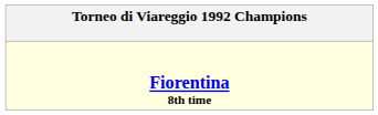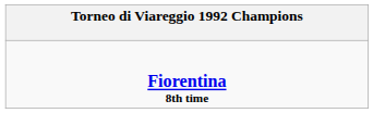 <table class="wikitable" style="margin: 0 auto; width: 30%;">
 <tr>
 <th><big>Torneo di Viareggio 1992 Champions</big><br><br></th>
 </tr>
 <tr>
-<td align=center style="background: lightyellow;"><br><br><big><big><strong><a href='#'>Fiorentina</a></strong><br></big></big><strong>8th time</strong></td>
+<td align=center><br><br><big><big><strong><a href='#'>Fiorentina</a></strong><br></big></big><strong>8th time</strong></td>
 </tr>
 </table>
